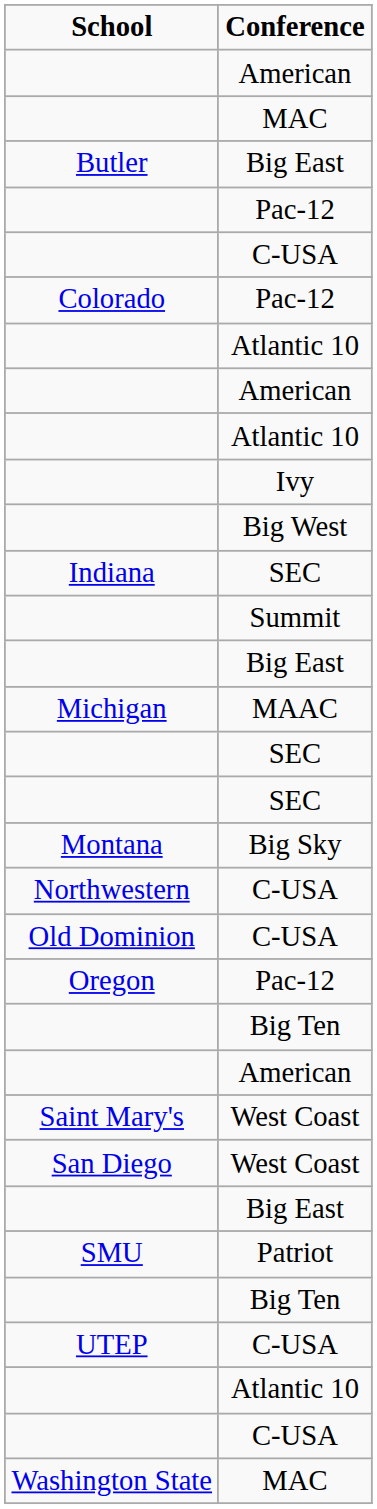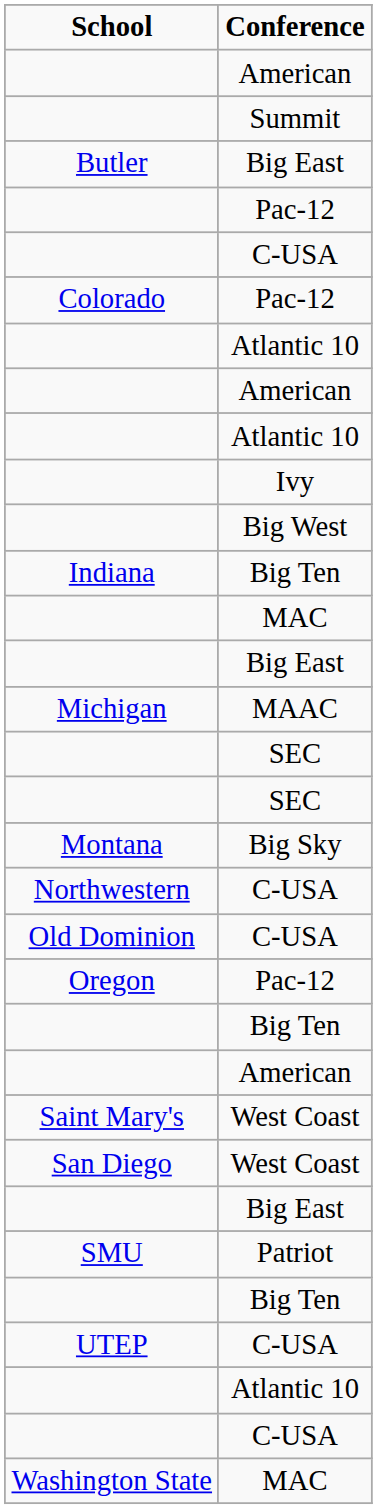 <table class="wikitable sortable" style="text-align: center;">
 <tr>
 <td><strong>School</strong></td>
 <td><strong>Conference</strong></td>
 </tr>
 <tr>
 <td></td>
 <td>American</td>
 </tr>
 <tr>
 <td></td>
-<td>MAC</td>
+<td>Summit</td>
 </tr>
 <tr>
 <td><a href='#'>Butler</a></td>
 <td>Big East</td>
 </tr>
 <tr>
 <td></td>
 <td>Pac-12</td>
 </tr>
 <tr>
 <td></td>
 <td>C-USA</td>
 </tr>
 <tr>
 <td><a href='#'>Colorado</a></td>
 <td>Pac-12</td>
 </tr>
 <tr>
 <td></td>
 <td>Atlantic 10</td>
 </tr>
 <tr>
 <td></td>
 <td>American</td>
 </tr>
 <tr>
 <td></td>
 <td>Atlantic 10</td>
 </tr>
 <tr>
 <td></td>
 <td>Ivy</td>
 </tr>
 <tr>
 <td></td>
 <td>Big West</td>
 </tr>
 <tr>
 <td><a href='#'>Indiana</a></td>
-<td>SEC</td>
+<td>Big Ten</td>
 </tr>
 <tr>
 <td></td>
-<td>Summit</td>
+<td>MAC</td>
 </tr>
 <tr>
 <td></td>
 <td>Big East</td>
 </tr>
 <tr>
 <td><a href='#'>Michigan</a></td>
 <td>MAAC</td>
 </tr>
 <tr>
 <td></td>
 <td>SEC</td>
 </tr>
 <tr>
 <td></td>
 <td>SEC</td>
 </tr>
 <tr>
 <td><a href='#'>Montana</a></td>
 <td>Big Sky</td>
 </tr>
 <tr>
 <td><a href='#'>Northwestern</a></td>
 <td>C-USA</td>
 </tr>
 <tr>
 <td><a href='#'>Old Dominion</a></td>
 <td>C-USA</td>
 </tr>
 <tr>
 <td><a href='#'>Oregon</a></td>
 <td>Pac-12</td>
 </tr>
 <tr>
 <td></td>
 <td>Big Ten</td>
 </tr>
 <tr>
 <td></td>
 <td>American</td>
 </tr>
 <tr>
 <td><a href='#'>Saint Mary's</a></td>
 <td>West Coast</td>
 </tr>
 <tr>
 <td><a href='#'>San Diego</a></td>
 <td>West Coast</td>
 </tr>
 <tr>
 <td></td>
 <td>Big East</td>
 </tr>
 <tr>
 <td><a href='#'>SMU</a></td>
 <td>Patriot</td>
 </tr>
 <tr>
 <td></td>
 <td>Big Ten</td>
 </tr>
 <tr>
 <td><a href='#'>UTEP</a></td>
 <td>C-USA</td>
 </tr>
 <tr>
 <td></td>
 <td>Atlantic 10</td>
 </tr>
 <tr>
 <td></td>
 <td>C-USA</td>
 </tr>
 <tr>
 <td><a href='#'>Washington State</a></td>
 <td>MAC</td>
 </tr>
 </table>
